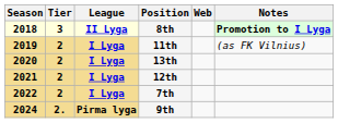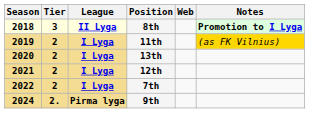 <table class="wikitable">
 <tr>
 <th>Season</th>
 <th>Tier</th>
 <th>League</th>
 <th>Position</th>
 <th>Web</th>
 <th>Notes</th>
 </tr>
 <tr>
 <td bgcolor="#ffffdd" style="text-align:center;"><strong>2018</strong></td>
 <td bgcolor="#ffffdd" style="text-align:center;"><strong>3</strong></td>
 <td bgcolor="#ffffdd" style="text-align:center;"><strong><a href='#'>II Lyga</a></strong></td>
 <td bgcolor="#F5F5F5" style="text-align:center;"><strong>8th</strong></td>
 <td></td>
 <td bgcolor="#ddffdd" style="text-align:center;"><strong> Promotion to <a href='#'>I Lyga</a></strong></td>
 </tr>
 <tr>
 <td bgcolor="#F4DC93" style="text-align:center;"><strong>2019</strong></td>
 <td bgcolor="#F4DC93" style="text-align:center;"><strong>2</strong></td>
 <td bgcolor="#F4DC93" style="text-align:center;"><strong><a href='#'>I Lyga</a></strong></td>
 <td bgcolor="#F5F5F5" style="text-align:center;"><strong>11th</strong></td>
 <td></td>
-<td><em>(as FK Vilnius)</em></td>
+<td style="background: gold;"><em>(as FK Vilnius)</em></td>
 </tr>
 <tr>
 <td bgcolor="#F4DC93" style="text-align:center;"><strong>2020</strong></td>
 <td bgcolor="#F4DC93" style="text-align:center;"><strong>2</strong></td>
 <td bgcolor="#F4DC93" style="text-align:center;"><strong><a href='#'>I Lyga</a></strong></td>
 <td bgcolor="#F5F5F5" style="text-align:center;"><strong>13th</strong></td>
 <td></td>
 <td></td>
 </tr>
 <tr>
 <td bgcolor="#F4DC93" style="text-align:center;"><strong>2021</strong></td>
 <td bgcolor="#F4DC93" style="text-align:center;"><strong>2</strong></td>
 <td bgcolor="#F4DC93" style="text-align:center;"><strong><a href='#'>I Lyga</a></strong></td>
 <td bgcolor="#F5F5F5" style="text-align:center;"><strong>12th</strong></td>
 <td></td>
 <td></td>
 </tr>
 <tr>
 <td bgcolor="#F4DC93" style="text-align:center;"><strong>2022</strong></td>
 <td bgcolor="#F4DC93" style="text-align:center;"><strong>2</strong></td>
 <td bgcolor="#F4DC93" style="text-align:center;"><strong><a href='#'>I Lyga</a></strong></td>
 <td bgcolor="#F5F5F5" style="text-align:center;"><strong>7th</strong></td>
 <td></td>
 <td></td>
 </tr>
 <tr>
 <td bgcolor="#F4DC93" style="text-align:center;"><strong>2024</strong></td>
 <td bgcolor="#F4DC93" style="text-align:center;"><strong>2.</strong></td>
 <td bgcolor="#F4DC93" style="text-align:center;"><strong>Pirma lyga</strong></td>
 <td bgcolor="#F5F5F5" style="text-align:center;"><strong>9th</strong></td>
 <td></td>
 </tr>
 </table>
